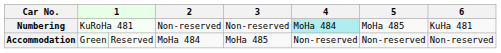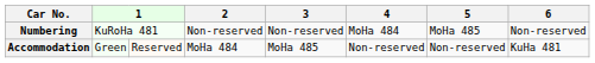 <table class="wikitable">
 <tr>
 <th>Car No.</th>
 <th colspan=2 style="background: #E6FFE6">1</th>
 <th>2</th>
 <th>3</th>
 <th>4</th>
 <th>5</th>
 <th>6</th>
 </tr>
 <tr>
 <th>Numbering</th>
 <td colspan=2 style="background: #F5FFF5">KuRoHa 481</td>
 <td>Non-reserved</td>
 <td>Non-reserved</td>
-<td style="background: paleturquoise;">MoHa 484</td>
+<td>MoHa 484</td>
 <td>MoHa 485</td>
-<td>KuHa 481</td>
+<td>Non-reserved</td>
 </tr>
 <tr>
 <th>Accommodation</th>
 <td style="background: #F5FFF5">Green</td>
 <td style="background: #FFFAF5">Reserved</td>
 <td>MoHa 484</td>
 <td>MoHa 485</td>
 <td>Non-reserved</td>
 <td>Non-reserved</td>
-<td>Non-reserved</td>
+<td>KuHa 481</td>
 </tr>
 </table>
